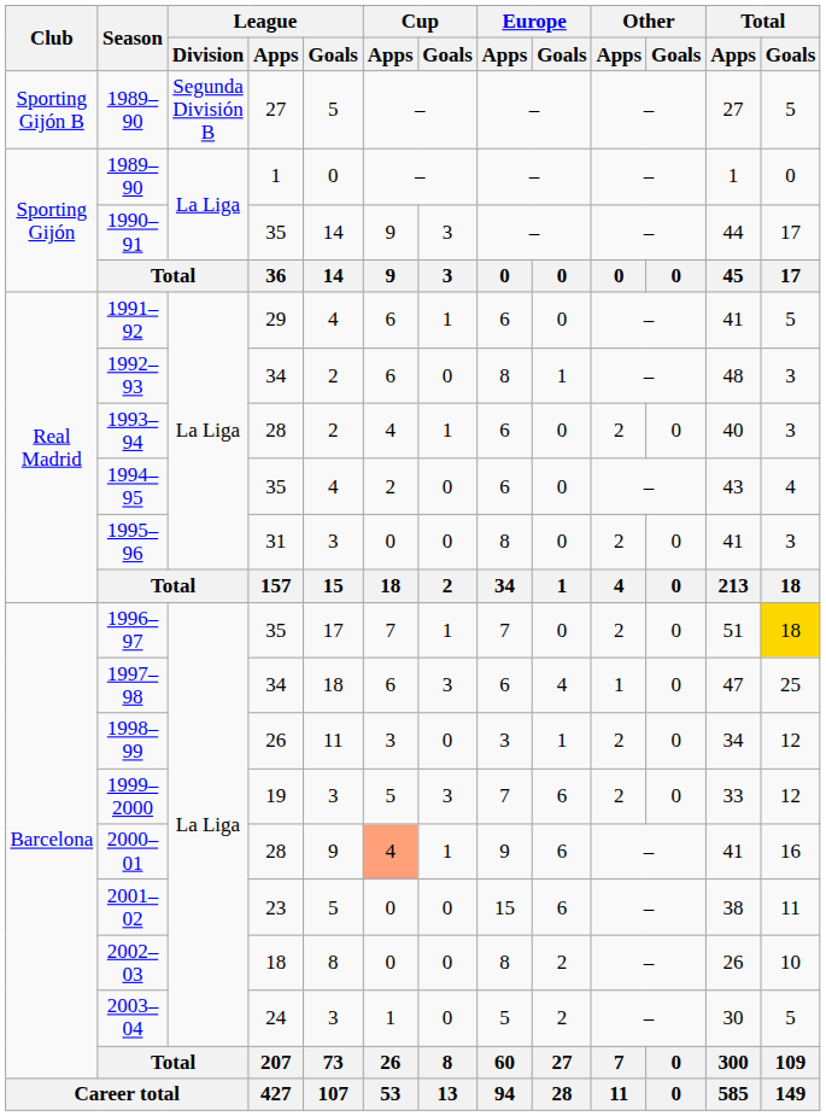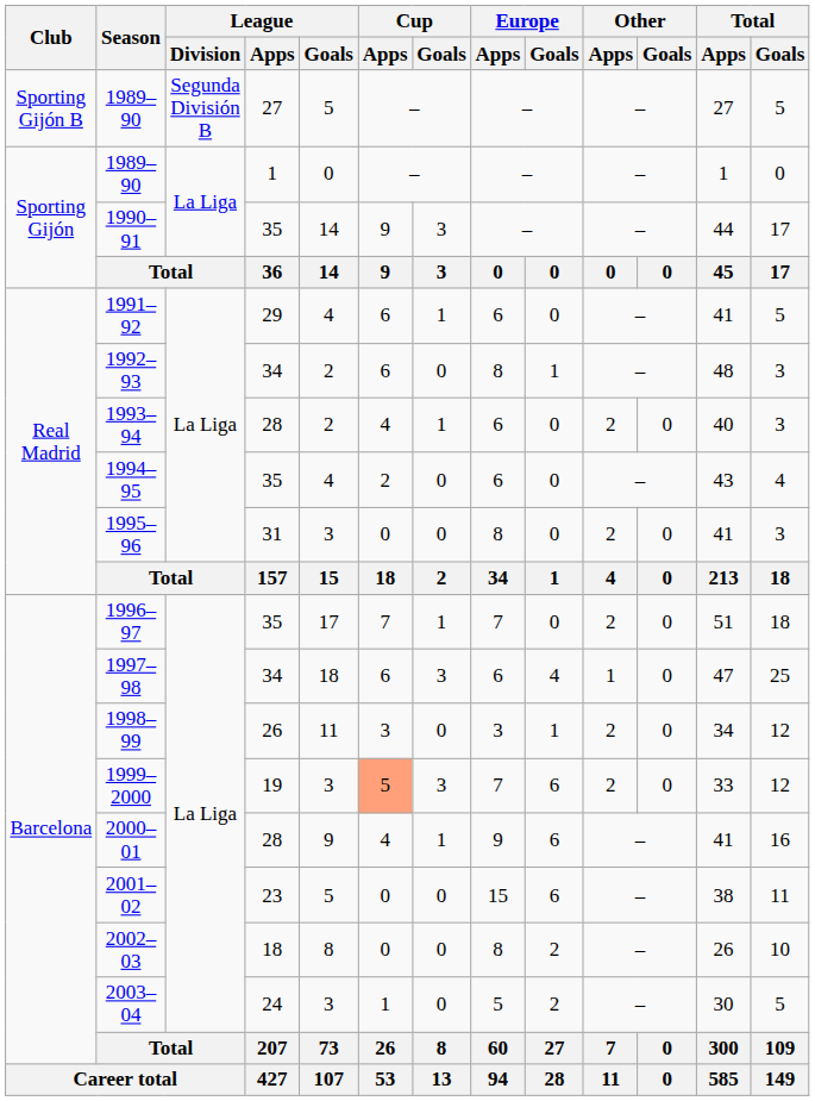 <table class="wikitable" style="text-align:center">
 <tr>
 <th rowspan="2">Club</th>
 <th rowspan="2">Season</th>
 <th colspan="3">League</th>
 <th colspan="2">Cup</th>
 <th colspan="2"><a href='#'>Europe</a></th>
 <th colspan="2">Other</th>
 <th colspan="2">Total</th>
 </tr>
 <tr>
 <th>Division</th>
 <th>Apps</th>
 <th>Goals</th>
 <th>Apps</th>
 <th>Goals</th>
 <th>Apps</th>
 <th>Goals</th>
 <th>Apps</th>
 <th>Goals</th>
 <th>Apps</th>
 <th>Goals</th>
 </tr>
 <tr>
 <td rowspan="1"><a href='#'>Sporting Gijón B</a></td>
 <td><a href='#'>1989–90</a></td>
 <td rowspan="1"><a href='#'>Segunda División B</a></td>
 <td>27</td>
 <td>5</td>
 <td colspan="2">–</td>
 <td colspan="2">–</td>
 <td colspan="2">–</td>
 <td>27</td>
 <td>5</td>
 </tr>
 <tr>
 <td rowspan="3"><a href='#'>Sporting Gijón</a></td>
 <td><a href='#'>1989–90</a></td>
 <td rowspan="2"><a href='#'>La Liga</a></td>
 <td>1</td>
 <td>0</td>
 <td colspan="2">–</td>
 <td colspan="2">–</td>
 <td colspan="2">–</td>
 <td>1</td>
 <td>0</td>
 </tr>
 <tr>
 <td><a href='#'>1990–91</a></td>
 <td>35</td>
 <td>14</td>
 <td>9</td>
 <td>3</td>
 <td colspan="2">–</td>
 <td colspan="2">–</td>
 <td>44</td>
 <td>17</td>
 </tr>
 <tr>
 <th colspan="2">Total</th>
 <th>36</th>
 <th>14</th>
 <th>9</th>
 <th>3</th>
 <th>0</th>
 <th>0</th>
 <th>0</th>
 <th>0</th>
 <th>45</th>
 <th>17</th>
 </tr>
 <tr>
 <td rowspan="6"><a href='#'>Real Madrid</a></td>
 <td><a href='#'>1991–92</a></td>
 <td rowspan="5">La Liga</td>
 <td>29</td>
 <td>4</td>
 <td>6</td>
 <td>1</td>
 <td>6</td>
 <td>0</td>
 <td colspan=2>–</td>
 <td>41</td>
 <td>5</td>
 </tr>
 <tr>
 <td><a href='#'>1992–93</a></td>
 <td>34</td>
 <td>2</td>
 <td>6</td>
 <td>0</td>
 <td>8</td>
 <td>1</td>
 <td colspan=2>–</td>
 <td>48</td>
 <td>3</td>
 </tr>
 <tr>
 <td><a href='#'>1993–94</a></td>
 <td>28</td>
 <td>2</td>
 <td>4</td>
 <td>1</td>
 <td>6</td>
 <td>0</td>
 <td>2</td>
 <td>0</td>
 <td>40</td>
 <td>3</td>
 </tr>
 <tr>
 <td><a href='#'>1994–95</a></td>
 <td>35</td>
 <td>4</td>
 <td>2</td>
 <td>0</td>
 <td>6</td>
 <td>0</td>
 <td colspan=2>–</td>
 <td>43</td>
 <td>4</td>
 </tr>
 <tr>
 <td><a href='#'>1995–96</a></td>
 <td>31</td>
 <td>3</td>
 <td>0</td>
 <td>0</td>
 <td>8</td>
 <td>0</td>
 <td>2</td>
 <td>0</td>
 <td>41</td>
 <td>3</td>
 </tr>
 <tr>
 <th colspan="2">Total</th>
 <th>157</th>
 <th>15</th>
 <th>18</th>
 <th>2</th>
 <th>34</th>
 <th>1</th>
 <th>4</th>
 <th>0</th>
 <th>213</th>
 <th>18</th>
 </tr>
 <tr>
 <td rowspan="9"><a href='#'>Barcelona</a></td>
 <td><a href='#'>1996–97</a></td>
 <td rowspan="8">La Liga</td>
 <td>35</td>
 <td>17</td>
 <td>7</td>
 <td>1</td>
 <td>7</td>
 <td>0</td>
 <td>2</td>
 <td>0</td>
 <td>51</td>
-<td style="background: gold;">18</td>
+<td>18</td>
 </tr>
 <tr>
 <td><a href='#'>1997–98</a></td>
 <td>34</td>
 <td>18</td>
 <td>6</td>
 <td>3</td>
 <td>6</td>
 <td>4</td>
 <td>1</td>
 <td>0</td>
 <td>47</td>
 <td>25</td>
 </tr>
 <tr>
 <td><a href='#'>1998–99</a></td>
 <td>26</td>
 <td>11</td>
 <td>3</td>
 <td>0</td>
 <td>3</td>
 <td>1</td>
 <td>2</td>
 <td>0</td>
 <td>34</td>
 <td>12</td>
 </tr>
 <tr>
 <td><a href='#'>1999–2000</a></td>
 <td>19</td>
 <td>3</td>
-<td>5</td>
+<td style="background: lightsalmon;">5</td>
 <td>3</td>
 <td>7</td>
 <td>6</td>
 <td>2</td>
 <td>0</td>
 <td>33</td>
 <td>12</td>
 </tr>
 <tr>
 <td><a href='#'>2000–01</a></td>
 <td>28</td>
 <td>9</td>
-<td style="background: lightsalmon;">4</td>
+<td>4</td>
 <td>1</td>
 <td>9</td>
 <td>6</td>
 <td colspan=2>–</td>
 <td>41</td>
 <td>16</td>
 </tr>
 <tr>
 <td><a href='#'>2001–02</a></td>
 <td>23</td>
 <td>5</td>
 <td>0</td>
 <td>0</td>
 <td>15</td>
 <td>6</td>
 <td colspan=2>–</td>
 <td>38</td>
 <td>11</td>
 </tr>
 <tr>
 <td><a href='#'>2002–03</a></td>
 <td>18</td>
 <td>8</td>
 <td>0</td>
 <td>0</td>
 <td>8</td>
 <td>2</td>
 <td colspan=2>–</td>
 <td>26</td>
 <td>10</td>
 </tr>
 <tr>
 <td><a href='#'>2003–04</a></td>
 <td>24</td>
 <td>3</td>
 <td>1</td>
 <td>0</td>
 <td>5</td>
 <td>2</td>
 <td colspan=2>–</td>
 <td>30</td>
 <td>5</td>
 </tr>
 <tr>
 <th colspan="2">Total</th>
 <th>207</th>
 <th>73</th>
 <th>26</th>
 <th>8</th>
 <th>60</th>
 <th>27</th>
 <th>7</th>
 <th>0</th>
 <th>300</th>
 <th>109</th>
 </tr>
 <tr>
 <th colspan="3">Career total</th>
 <th>427</th>
 <th>107</th>
 <th>53</th>
 <th>13</th>
 <th>94</th>
 <th>28</th>
 <th>11</th>
 <th>0</th>
 <th>585</th>
 <th>149</th>
 </tr>
 </table>
